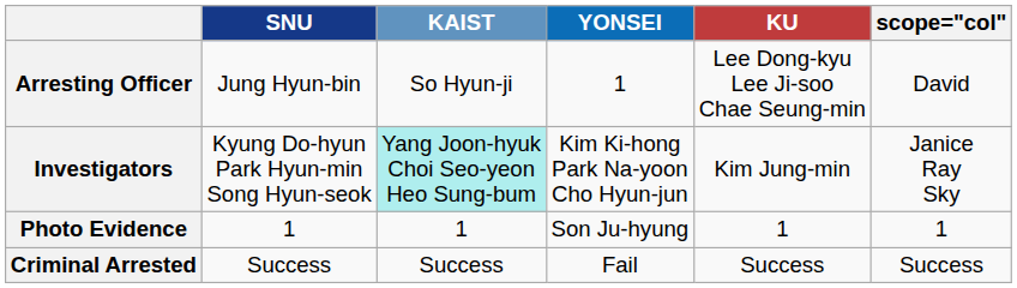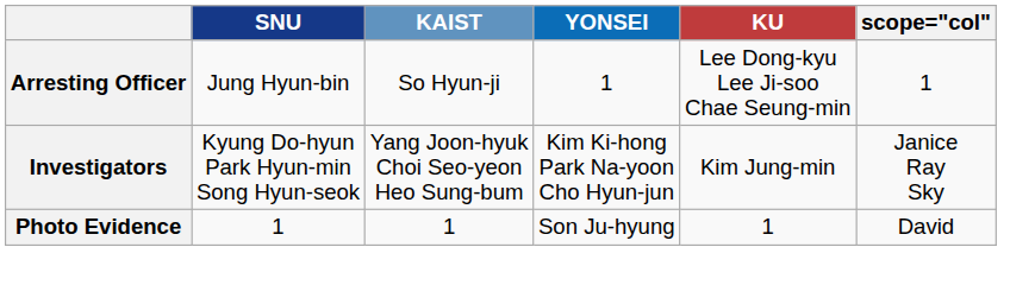 <table class="wikitable" style="text-align:center">
 <tr>
 <th scope="col"></th>
 <th scope="col" style="background-color:#153888; color:white">SNU</th>
 <th scope="col" style="background-color:#6093BF; color:white">KAIST</th>
 <th scope="col" style="background-color:#0B6DB7; color:white">YONSEI</th>
 <th scope="col" style="background-color:#BF3B3C; color:white">KU</th>
 <th>scope="col"  </th>
 </tr>
 <tr>
 <th scope="row">Arresting Officer</th>
 <td>Jung Hyun-bin</td>
 <td>So Hyun-ji</td>
 <td>1</td>
 <td>Lee Dong-kyu<br>Lee Ji-soo<br>Chae Seung-min</td>
-<td>David</td>
+<td>1</td>
 </tr>
 <tr>
 <th scope="row">Investigators</th>
 <td>Kyung Do-hyun<br>Park Hyun-min<br>Song Hyun-seok</td>
-<td style="background: paleturquoise;">Yang Joon-hyuk<br>Choi Seo-yeon<br>Heo Sung-bum</td>
+<td>Yang Joon-hyuk<br>Choi Seo-yeon<br>Heo Sung-bum</td>
 <td>Kim Ki-hong<br>Park Na-yoon<br>Cho Hyun-jun</td>
 <td>Kim Jung-min</td>
 <td>Janice<br>Ray<br>Sky</td>
 </tr>
 <tr>
 <th scope="row">Photo Evidence</th>
 <td>1</td>
 <td>1</td>
 <td>Son Ju-hyung</td>
 <td>1</td>
-<td>1</td>
-</tr>
-<tr>
-<th scope="row">Criminal Arrested</th>
-<td>Success</td>
-<td>Success</td>
-<td>Fail</td>
-<td>Success</td>
-<td>Success</td>
+<td>David</td>
 </tr>
 </table>
